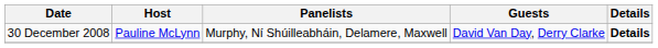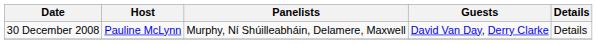 <table class="wikitable collapsible collapsed">
 <tr>
 <th>Date</th>
 <th>Host</th>
 <th>Panelists</th>
 <th>Guests</th>
 <th>Details</th>
 </tr>
 <tr>
 <td>30 December 2008</td>
 <td><a href='#'>Pauline McLynn</a></td>
 <td>Murphy, Ní Shúilleabháin, Delamere, Maxwell</td>
 <td><a href='#'>David Van Day</a>, <a href='#'>Derry Clarke</a></td>
-<td><strong>Details</strong></td>
+<td>Details</td>
 </tr>
 <tr>
 </tr>
 </table>
